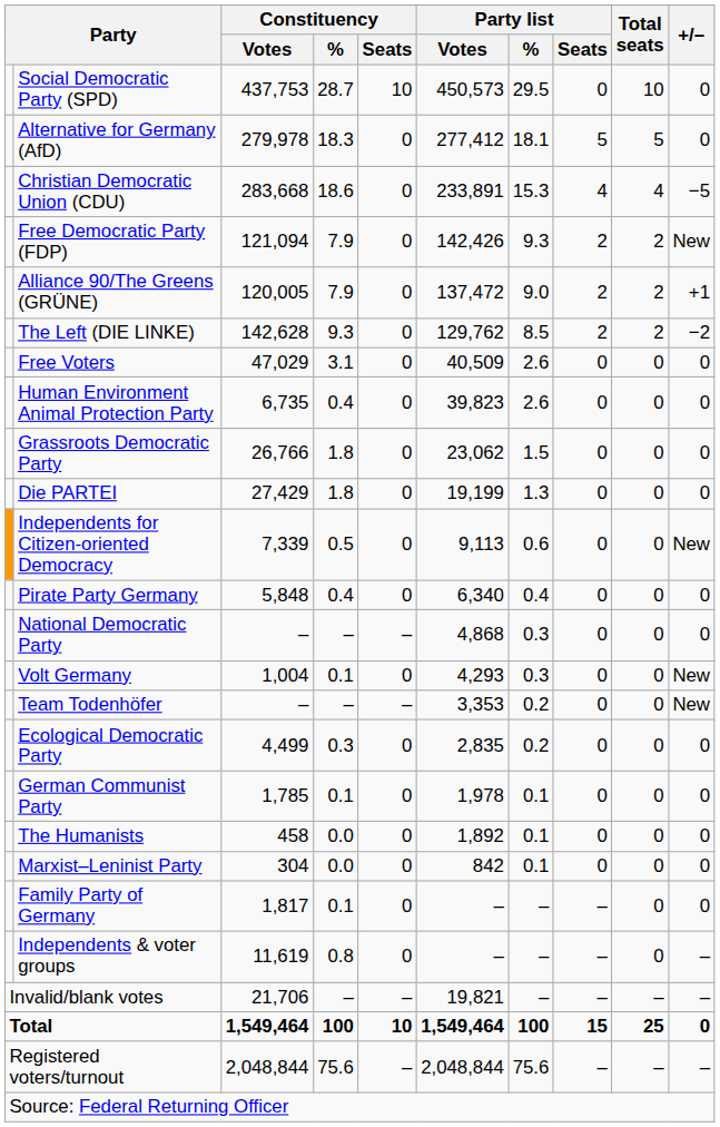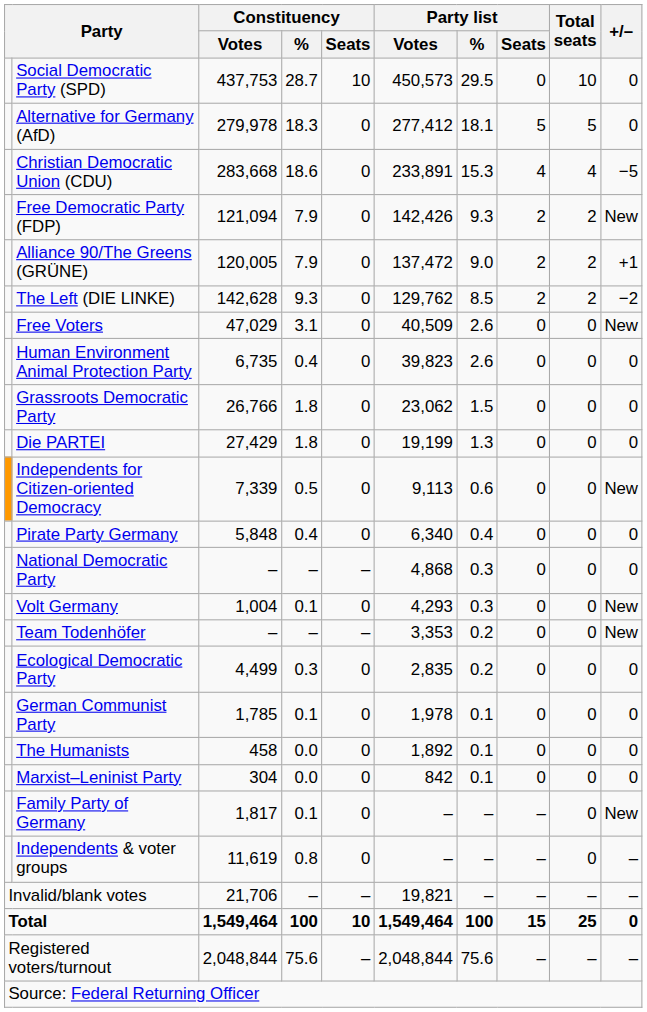 <table class="wikitable" style="text-align:right">
 <tr>
 <th colspan="2" rowspan="2">Party</th>
 <th colspan="3">Constituency</th>
 <th colspan="3">Party list</th>
 <th rowspan="2">Total<br>seats</th>
 <th rowspan="2">+/–</th>
 </tr>
 <tr>
 <th>Votes</th>
 <th>%</th>
 <th>Seats</th>
 <th>Votes</th>
 <th>%</th>
 <th>Seats</th>
 </tr>
 <tr>
 <td></td>
 <td align="left"><a href='#'>Social Democratic Party</a> (SPD)</td>
 <td>437,753</td>
 <td>28.7</td>
 <td>10</td>
 <td>450,573</td>
 <td>29.5</td>
 <td>0</td>
 <td>10</td>
 <td>0</td>
 </tr>
 <tr>
 <td></td>
 <td align="left"><a href='#'>Alternative for Germany</a> (AfD)</td>
 <td>279,978</td>
 <td>18.3</td>
 <td>0</td>
 <td>277,412</td>
 <td>18.1</td>
 <td>5</td>
 <td>5</td>
 <td>0</td>
 </tr>
 <tr>
 <td></td>
 <td align="left"><a href='#'>Christian Democratic Union</a> (CDU)</td>
 <td>283,668</td>
 <td>18.6</td>
 <td>0</td>
 <td>233,891</td>
 <td>15.3</td>
 <td>4</td>
 <td>4</td>
 <td>−5</td>
 </tr>
 <tr>
 <td></td>
 <td align="left"><a href='#'>Free Democratic Party</a> (FDP)</td>
 <td>121,094</td>
 <td>7.9</td>
 <td>0</td>
 <td>142,426</td>
 <td>9.3</td>
 <td>2</td>
 <td>2</td>
 <td>New</td>
 </tr>
 <tr>
 <td></td>
 <td align="left"><a href='#'>Alliance 90/The Greens</a> (GRÜNE)</td>
 <td>120,005</td>
 <td>7.9</td>
 <td>0</td>
 <td>137,472</td>
 <td>9.0</td>
 <td>2</td>
 <td>2</td>
 <td>+1</td>
 </tr>
 <tr>
 <td></td>
 <td align="left"><a href='#'>The Left</a> (DIE LINKE)</td>
 <td>142,628</td>
 <td>9.3</td>
 <td>0</td>
 <td>129,762</td>
 <td>8.5</td>
 <td>2</td>
 <td>2</td>
 <td>−2</td>
 </tr>
 <tr>
 <td style="background-color:"></td>
 <td align="left"><a href='#'>Free Voters</a></td>
 <td>47,029</td>
 <td>3.1</td>
 <td>0</td>
 <td>40,509</td>
 <td>2.6</td>
 <td>0</td>
 <td>0</td>
-<td>0</td>
+<td>New</td>
 </tr>
 <tr>
 <td style="background-color:"></td>
 <td align="left"><a href='#'>Human Environment Animal Protection Party</a></td>
 <td>6,735</td>
 <td>0.4</td>
 <td>0</td>
 <td>39,823</td>
 <td>2.6</td>
 <td>0</td>
 <td>0</td>
 <td>0</td>
 </tr>
 <tr>
 <td style="background-color:"></td>
 <td align="left"><a href='#'>Grassroots Democratic Party</a></td>
 <td>26,766</td>
 <td>1.8</td>
 <td>0</td>
 <td>23,062</td>
 <td>1.5</td>
 <td>0</td>
 <td>0</td>
 <td>0</td>
 </tr>
 <tr>
 <td style="background-color:"></td>
 <td align="left"><a href='#'>Die PARTEI</a></td>
 <td>27,429</td>
 <td>1.8</td>
 <td>0</td>
 <td>19,199</td>
 <td>1.3</td>
 <td>0</td>
 <td>0</td>
 <td>0</td>
 </tr>
 <tr>
 <td style="background-color:#FF9900"></td>
 <td align="left"><a href='#'>Independents for Citizen-oriented Democracy</a></td>
 <td>7,339</td>
 <td>0.5</td>
 <td>0</td>
 <td>9,113</td>
 <td>0.6</td>
 <td>0</td>
 <td>0</td>
 <td>New</td>
 </tr>
 <tr>
 <td style="background-color:"></td>
 <td align="left"><a href='#'>Pirate Party Germany</a></td>
 <td>5,848</td>
 <td>0.4</td>
 <td>0</td>
 <td>6,340</td>
 <td>0.4</td>
 <td>0</td>
 <td>0</td>
 <td>0</td>
 </tr>
 <tr>
 <td style="background-color:"></td>
 <td align="left"><a href='#'>National Democratic Party</a></td>
 <td>–</td>
 <td>–</td>
 <td>–</td>
 <td>4,868</td>
 <td>0.3</td>
 <td>0</td>
 <td>0</td>
 <td>0</td>
 </tr>
 <tr>
 <td style="background-color:"></td>
 <td align="left"><a href='#'>Volt Germany</a></td>
 <td>1,004</td>
 <td>0.1</td>
 <td>0</td>
 <td>4,293</td>
 <td>0.3</td>
 <td>0</td>
 <td>0</td>
 <td>New</td>
 </tr>
 <tr>
 <td style="background-color:"></td>
 <td align="left"><a href='#'>Team Todenhöfer</a></td>
 <td>–</td>
 <td>–</td>
 <td>–</td>
 <td>3,353</td>
 <td>0.2</td>
 <td>0</td>
 <td>0</td>
 <td>New</td>
 </tr>
 <tr>
 <td style="background-color:"></td>
 <td align="left"><a href='#'>Ecological Democratic Party</a></td>
 <td>4,499</td>
 <td>0.3</td>
 <td>0</td>
 <td>2,835</td>
 <td>0.2</td>
 <td>0</td>
 <td>0</td>
 <td>0</td>
 </tr>
 <tr>
 <td style="background-color:"></td>
 <td align="left"><a href='#'>German Communist Party</a></td>
 <td>1,785</td>
 <td>0.1</td>
 <td>0</td>
 <td>1,978</td>
 <td>0.1</td>
 <td>0</td>
 <td>0</td>
 <td>0</td>
 </tr>
 <tr>
 <td style="background-color:"></td>
 <td align="left"><a href='#'>The Humanists</a></td>
 <td>458</td>
 <td>0.0</td>
 <td>0</td>
 <td>1,892</td>
 <td>0.1</td>
 <td>0</td>
 <td>0</td>
 <td>0</td>
 </tr>
 <tr>
 <td style="background-color:"></td>
 <td align="left"><a href='#'>Marxist–Leninist Party</a></td>
 <td>304</td>
 <td>0.0</td>
 <td>0</td>
 <td>842</td>
 <td>0.1</td>
 <td>0</td>
 <td>0</td>
 <td>0</td>
 </tr>
 <tr>
 <td style="background-color:"></td>
 <td align="left"><a href='#'>Family Party of Germany</a></td>
 <td>1,817</td>
 <td>0.1</td>
 <td>0</td>
 <td>–</td>
 <td>–</td>
 <td>–</td>
 <td>0</td>
-<td>0</td>
+<td>New</td>
 </tr>
 <tr>
 <td style="background-color:"></td>
 <td align="left"><a href='#'>Independents</a> & voter groups</td>
 <td>11,619</td>
 <td>0.8</td>
 <td>0</td>
 <td>–</td>
 <td>–</td>
 <td>–</td>
 <td>0</td>
 <td>–</td>
 </tr>
 <tr>
 <td colspan="2" align="left">Invalid/blank votes</td>
 <td>21,706</td>
 <td>–</td>
 <td>–</td>
 <td>19,821</td>
 <td>–</td>
 <td>–</td>
 <td>–</td>
 <td>–</td>
 </tr>
 <tr>
 <td colspan="2" align="left"><strong>Total</strong></td>
 <td><strong>1,549,464</strong></td>
 <td><strong>100</strong></td>
 <td><strong>10</strong></td>
 <td><strong>1,549,464</strong></td>
 <td><strong>100</strong></td>
 <td><strong>15</strong></td>
 <td><strong>25</strong></td>
 <td><strong>0</strong></td>
 </tr>
 <tr>
 <td colspan="2" align="left">Registered voters/turnout</td>
 <td>2,048,844</td>
 <td>75.6</td>
 <td>–</td>
 <td>2,048,844</td>
 <td>75.6</td>
 <td>–</td>
 <td>–</td>
 <td>–</td>
 </tr>
 <tr>
 <td colspan="10" align="left">Source: <a href='#'>Federal Returning Officer</a></td>
 </tr>
 </table>
